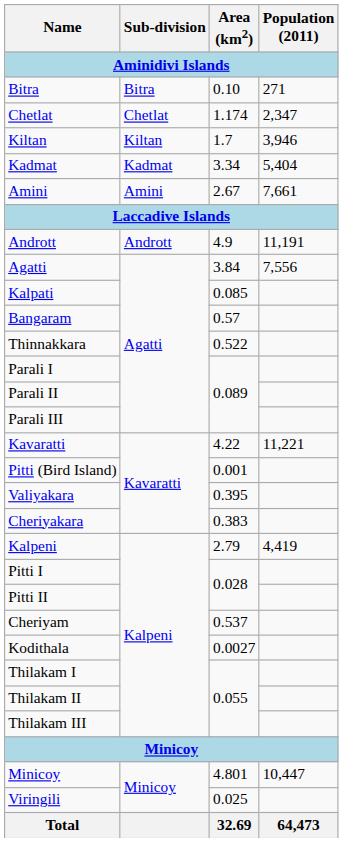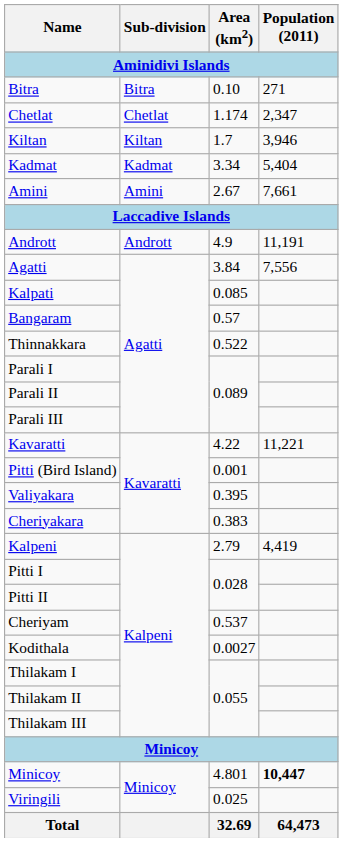 <table class="wikitable sortable defaultcenter col1left" style="font-size: 85%">
 <tr>
 <th>Name</th>
 <th>Sub-division</th>
 <th>Area<br>(km<sup>2</sup>)</th>
 <th>Population<br>(2011)</th>
 </tr>
 <tr>
 <td colspan=4 style="text-align:center; background:lightblue;"><strong><a href='#'>Aminidivi Islands</a></strong></td>
 </tr>
 <tr>
 <td><a href='#'>Bitra</a></td>
 <td><a href='#'>Bitra</a></td>
 <td>0.10</td>
 <td>271</td>
 </tr>
 <tr>
 <td><a href='#'>Chetlat</a></td>
 <td><a href='#'>Chetlat</a></td>
 <td>1.174</td>
 <td>2,347</td>
 </tr>
 <tr>
 <td><a href='#'>Kiltan</a></td>
 <td><a href='#'>Kiltan</a></td>
 <td>1.7</td>
 <td>3,946</td>
 </tr>
 <tr>
 <td><a href='#'>Kadmat</a></td>
 <td><a href='#'>Kadmat</a></td>
 <td>3.34</td>
 <td>5,404</td>
 </tr>
 <tr>
 <td><a href='#'>Amini</a></td>
 <td><a href='#'>Amini</a></td>
 <td>2.67</td>
 <td>7,661</td>
 </tr>
 <tr>
 <td colspan=4 style="text-align:center; background:lightblue;"><strong><a href='#'>Laccadive Islands</a></strong></td>
 </tr>
 <tr>
 <td><a href='#'>Andrott</a></td>
 <td><a href='#'>Andrott</a></td>
 <td>4.9</td>
 <td>11,191</td>
 </tr>
 <tr>
 <td><a href='#'>Agatti</a></td>
 <td rowspan="7"><a href='#'>Agatti</a></td>
 <td>3.84</td>
 <td>7,556</td>
 </tr>
 <tr>
 <td><a href='#'>Kalpati</a></td>
 <td>0.085</td>
 <td></td>
 </tr>
 <tr>
 <td><a href='#'>Bangaram</a></td>
 <td>0.57</td>
 <td></td>
 </tr>
 <tr>
 <td>Thinnakkara</td>
 <td>0.522</td>
 <td></td>
 </tr>
 <tr>
 <td>Parali I</td>
 <td rowspan="3">0.089</td>
 <td></td>
 </tr>
 <tr>
 <td>Parali II</td>
 <td></td>
 </tr>
 <tr>
 <td>Parali III</td>
 <td></td>
 </tr>
 <tr>
 <td><a href='#'>Kavaratti</a></td>
 <td rowspan="4"><a href='#'>Kavaratti</a></td>
 <td>4.22</td>
 <td>11,221</td>
 </tr>
 <tr>
 <td><a href='#'>Pitti</a> (Bird Island)</td>
 <td>0.001</td>
 <td></td>
 </tr>
 <tr>
 <td><a href='#'>Valiyakara</a></td>
 <td>0.395</td>
 <td></td>
 </tr>
 <tr>
 <td><a href='#'>Cheriyakara</a></td>
 <td>0.383</td>
 <td></td>
 </tr>
 <tr>
 <td><a href='#'>Kalpeni</a></td>
 <td rowspan="8"><a href='#'>Kalpeni</a></td>
 <td>2.79</td>
 <td>4,419</td>
 </tr>
 <tr>
 <td>Pitti I</td>
 <td rowspan="2">0.028</td>
 <td></td>
 </tr>
 <tr>
 <td>Pitti II</td>
 <td></td>
 </tr>
 <tr>
 <td>Cheriyam</td>
 <td>0.537</td>
 <td></td>
 </tr>
 <tr>
 <td>Kodithala</td>
 <td>0.0027</td>
 <td></td>
 </tr>
 <tr>
 <td>Thilakam I</td>
 <td rowspan="3">0.055</td>
 <td></td>
 </tr>
 <tr>
 <td>Thilakam II</td>
 <td></td>
 </tr>
 <tr>
 <td>Thilakam III</td>
 <td></td>
 </tr>
 <tr>
 <td colspan=4 style="text-align:center; background:lightblue;"><strong><a href='#'>Minicoy</a></strong></td>
 </tr>
 <tr>
 <td><a href='#'>Minicoy</a></td>
 <td rowspan="2"><a href='#'>Minicoy</a></td>
 <td>4.801</td>
-<td>10,447</td>
+<td><strong>10,447</strong></td>
 </tr>
 <tr>
 <td><a href='#'>Viringili</a></td>
 <td>0.025</td>
 <td></td>
 </tr>
 <tr>
 <th>Total</th>
 <th></th>
 <th>32.69</th>
 <th>64,473</th>
 </tr>
 </table>
